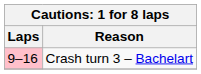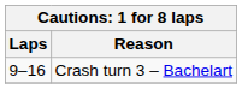 <table class="wikitable">
 <tr>
 <th colspan=2>Cautions: 1 for 8 laps</th>
 </tr>
 <tr>
 <th>Laps</th>
 <th>Reason</th>
 </tr>
 <tr>
-<td style="background: pink;">9–16</td>
+<td>9–16</td>
 <td>Crash turn 3 – <a href='#'>Bachelart</a></td>
 </tr>
 <tr>
 </tr>
 </table>
